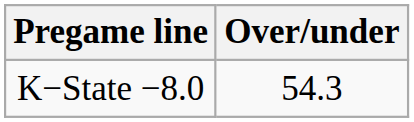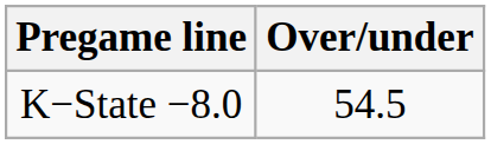 <table class="wikitable" style="margin-left: auto; margin-right: auto; border: none; display: inline-table;">
 <tr align="center">
 <th style=>Pregame line</th>
 <th style=>Over/under</th>
 </tr>
 <tr align="center">
 <td>K−State −8.0</td>
-<td>54.3</td>
+<td>54.5</td>
 </tr>
 </table>
